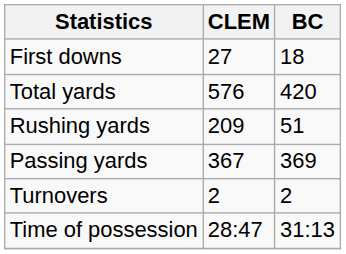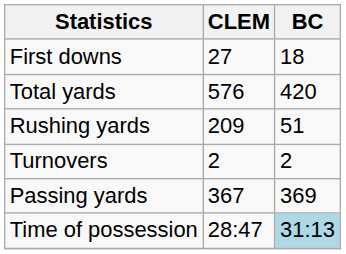 <table class="wikitable">
 <tr>
 <th>Statistics</th>
 <th>CLEM</th>
 <th>BC</th>
 </tr>
 <tr>
 <td>First downs</td>
 <td>27</td>
 <td>18</td>
 </tr>
 <tr>
 <td>Total yards</td>
 <td>576</td>
 <td>420</td>
 </tr>
 <tr>
 <td>Rushing yards</td>
 <td>209</td>
 <td>51</td>
 </tr>
 <tr>
+<td>Turnovers</td>
+<td>2</td>
+<td>2</td>
+</tr>
+<tr>
 <td>Passing yards</td>
 <td>367</td>
 <td>369</td>
 </tr>
 <tr>
-<td>Turnovers</td>
-<td>2</td>
-<td>2</td>
-</tr>
-<tr>
 <td>Time of possession</td>
 <td>28:47</td>
-<td>31:13</td>
+<td style="background: lightblue;">31:13</td>
 </tr>
 <tr>
 </tr>
 </table>
